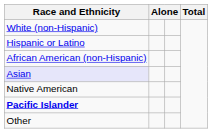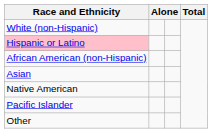 <table class="wikitable sortable collapsible"; text-align:right; font-size:80%;">
 <tr>
 <th>Race and Ethnicity</th>
 <th colspan="2" data-sort-type=number>Alone</th>
 <th colspan="2" data-sort-type=number>Total</th>
 </tr>
 <tr>
 <td><a href='#'>White (non-Hispanic)</a></td>
 <td align=right></td>
 <td align=right></td>
 </tr>
 <tr>
-<td><a href='#'>Hispanic or Latino</a></td>
+<td style="background: pink;"><a href='#'>Hispanic or Latino</a></td>
 <td align=right></td>
 <td align=right></td>
 </tr>
 <tr>
 <td><a href='#'>African American (non-Hispanic)</a></td>
 <td align=right></td>
 <td align=right></td>
 </tr>
 <tr>
-<td style="background: lavender;"><a href='#'>Asian</a></td>
+<td><a href='#'>Asian</a></td>
 <td align=right></td>
 <td align=right></td>
 </tr>
 <tr>
 <td>Native American</td>
 <td align=right></td>
 <td align=right></td>
 </tr>
 <tr>
-<td><strong><a href='#'>Pacific Islander</a></strong></td>
+<td><a href='#'>Pacific Islander</a></td>
 <td align=right></td>
 <td align=right></td>
 </tr>
 <tr>
 <td>Other</td>
 <td align=right></td>
 <td align=right></td>
 </tr>
 </table>
